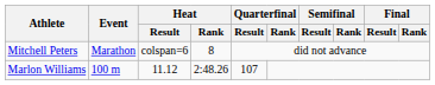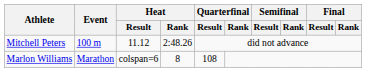 <table class=wikitable style="font-size:90%">
 <tr>
 <th rowspan="2">Athlete</th>
 <th rowspan="2">Event</th>
 <th colspan="2">Heat</th>
 <th colspan="2">Quarterfinal</th>
 <th colspan="2">Semifinal</th>
 <th colspan="2">Final</th>
 </tr>
 <tr style="font-size:95%">
 <th>Result</th>
 <th>Rank</th>
 <th>Result</th>
 <th>Rank</th>
 <th>Result</th>
 <th>Rank</th>
 <th>Result</th>
 <th>Rank</th>
 </tr>
 <tr align=center>
 <td align=left><a href='#'>Mitchell Peters</a></td>
-<td align=left><a href='#'>Marathon</a></td>
-<td>colspan=6 </td>
-<td>8</td>
+<td align=left><a href='#'>100 m</a></td>
+<td>11.12</td>
+<td>2:48.26</td>
 <td colspan=8>did not advance</td>
 </tr>
 <tr align=center>
 <td align=left><a href='#'>Marlon Williams</a></td>
-<td align=left><a href='#'>100 m</a></td>
-<td>11.12</td>
-<td>2:48.26</td>
-<td>107</td>
+<td align=left><a href='#'>Marathon</a></td>
+<td>colspan=6 </td>
+<td>8</td>
+<td>108</td>
 </tr>
 </table>
